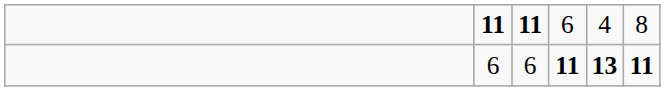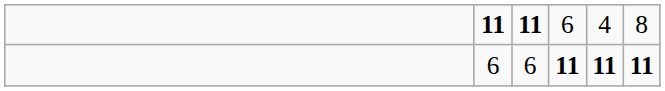 <table class="wikitable">
 <tr>
 <td style="width:18em"></td>
 <td align=center style="width:1em"><strong>11</strong></td>
 <td align=center style="width:1em"><strong>11</strong></td>
 <td align=center style="width:1em">6</td>
 <td align=center style="width:1em">4</td>
 <td align=center style="width:1em">8</td>
 </tr>
 <tr>
 <td style="width:18em"></td>
 <td align=center style="width:1em">6</td>
 <td align=center style="width:1em">6</td>
 <td align=center style="width:1em"><strong>11</strong></td>
-<td align=center style="width:1em"><strong>13</strong></td>
+<td align=center style="width:1em"><strong>11</strong></td>
 <td align=center style="width:1em"><strong>11</strong></td>
 </tr>
 </table>
